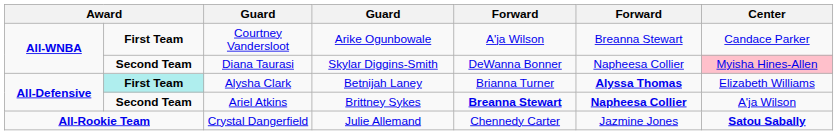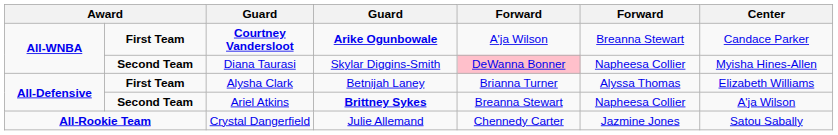 <table class="wikitable" style="width: 80%; text-align:center; font-size:90%">
 <tr>
 <th colspan="2">Award</th>
 <th width=125>Guard</th>
 <th>Guard</th>
 <th>Forward</th>
 <th>Forward</th>
 <th>Center</th>
 </tr>
 <tr>
 <td rowspan="2"><strong><a href='#'>All-WNBA</a></strong></td>
 <td><strong>First Team</strong></td>
-<td><a href='#'>Courtney Vandersloot</a></td>
-<td><a href='#'>Arike Ogunbowale</a></td>
+<td><strong><a href='#'>Courtney Vandersloot</a></strong></td>
+<td><strong><a href='#'>Arike Ogunbowale</a></strong></td>
 <td><a href='#'>A'ja Wilson</a></td>
 <td><a href='#'>Breanna Stewart</a></td>
 <td><a href='#'>Candace Parker</a></td>
 </tr>
 <tr>
 <td><strong>Second Team</strong></td>
 <td><a href='#'>Diana Taurasi</a></td>
 <td><a href='#'>Skylar Diggins-Smith</a></td>
-<td><a href='#'>DeWanna Bonner</a></td>
+<td style="background: pink;"><a href='#'>DeWanna Bonner</a></td>
 <td><a href='#'>Napheesa Collier</a></td>
-<td style="background: pink;"><a href='#'>Myisha Hines-Allen</a></td>
+<td><a href='#'>Myisha Hines-Allen</a></td>
 </tr>
 <tr>
 <td rowspan="2"><strong><a href='#'>All-Defensive</a></strong></td>
-<td style="background: paleturquoise;"><strong>First Team</strong></td>
+<td><strong>First Team</strong></td>
 <td><a href='#'>Alysha Clark</a></td>
 <td><a href='#'>Betnijah Laney</a></td>
 <td><a href='#'>Brianna Turner</a></td>
-<td><strong><a href='#'>Alyssa Thomas</a></strong></td>
+<td><a href='#'>Alyssa Thomas</a></td>
 <td><a href='#'>Elizabeth Williams</a></td>
 </tr>
 <tr>
 <td><strong>Second Team</strong></td>
 <td><a href='#'>Ariel Atkins</a></td>
-<td><a href='#'>Brittney Sykes</a></td>
-<td><strong><a href='#'>Breanna Stewart</a></strong></td>
-<td><strong><a href='#'>Napheesa Collier</a></strong></td>
+<td><strong><a href='#'>Brittney Sykes</a></strong></td>
+<td><a href='#'>Breanna Stewart</a></td>
+<td><a href='#'>Napheesa Collier</a></td>
 <td><a href='#'>A'ja Wilson</a></td>
 </tr>
 <tr>
 <td colspan="2"><strong><a href='#'>All-Rookie Team</a></strong></td>
 <td><a href='#'>Crystal Dangerfield</a></td>
 <td><a href='#'>Julie Allemand</a></td>
 <td><a href='#'>Chennedy Carter</a></td>
 <td><a href='#'>Jazmine Jones</a></td>
-<td><strong><a href='#'>Satou Sabally</a></strong></td>
+<td><a href='#'>Satou Sabally</a></td>
 </tr>
 </table>
